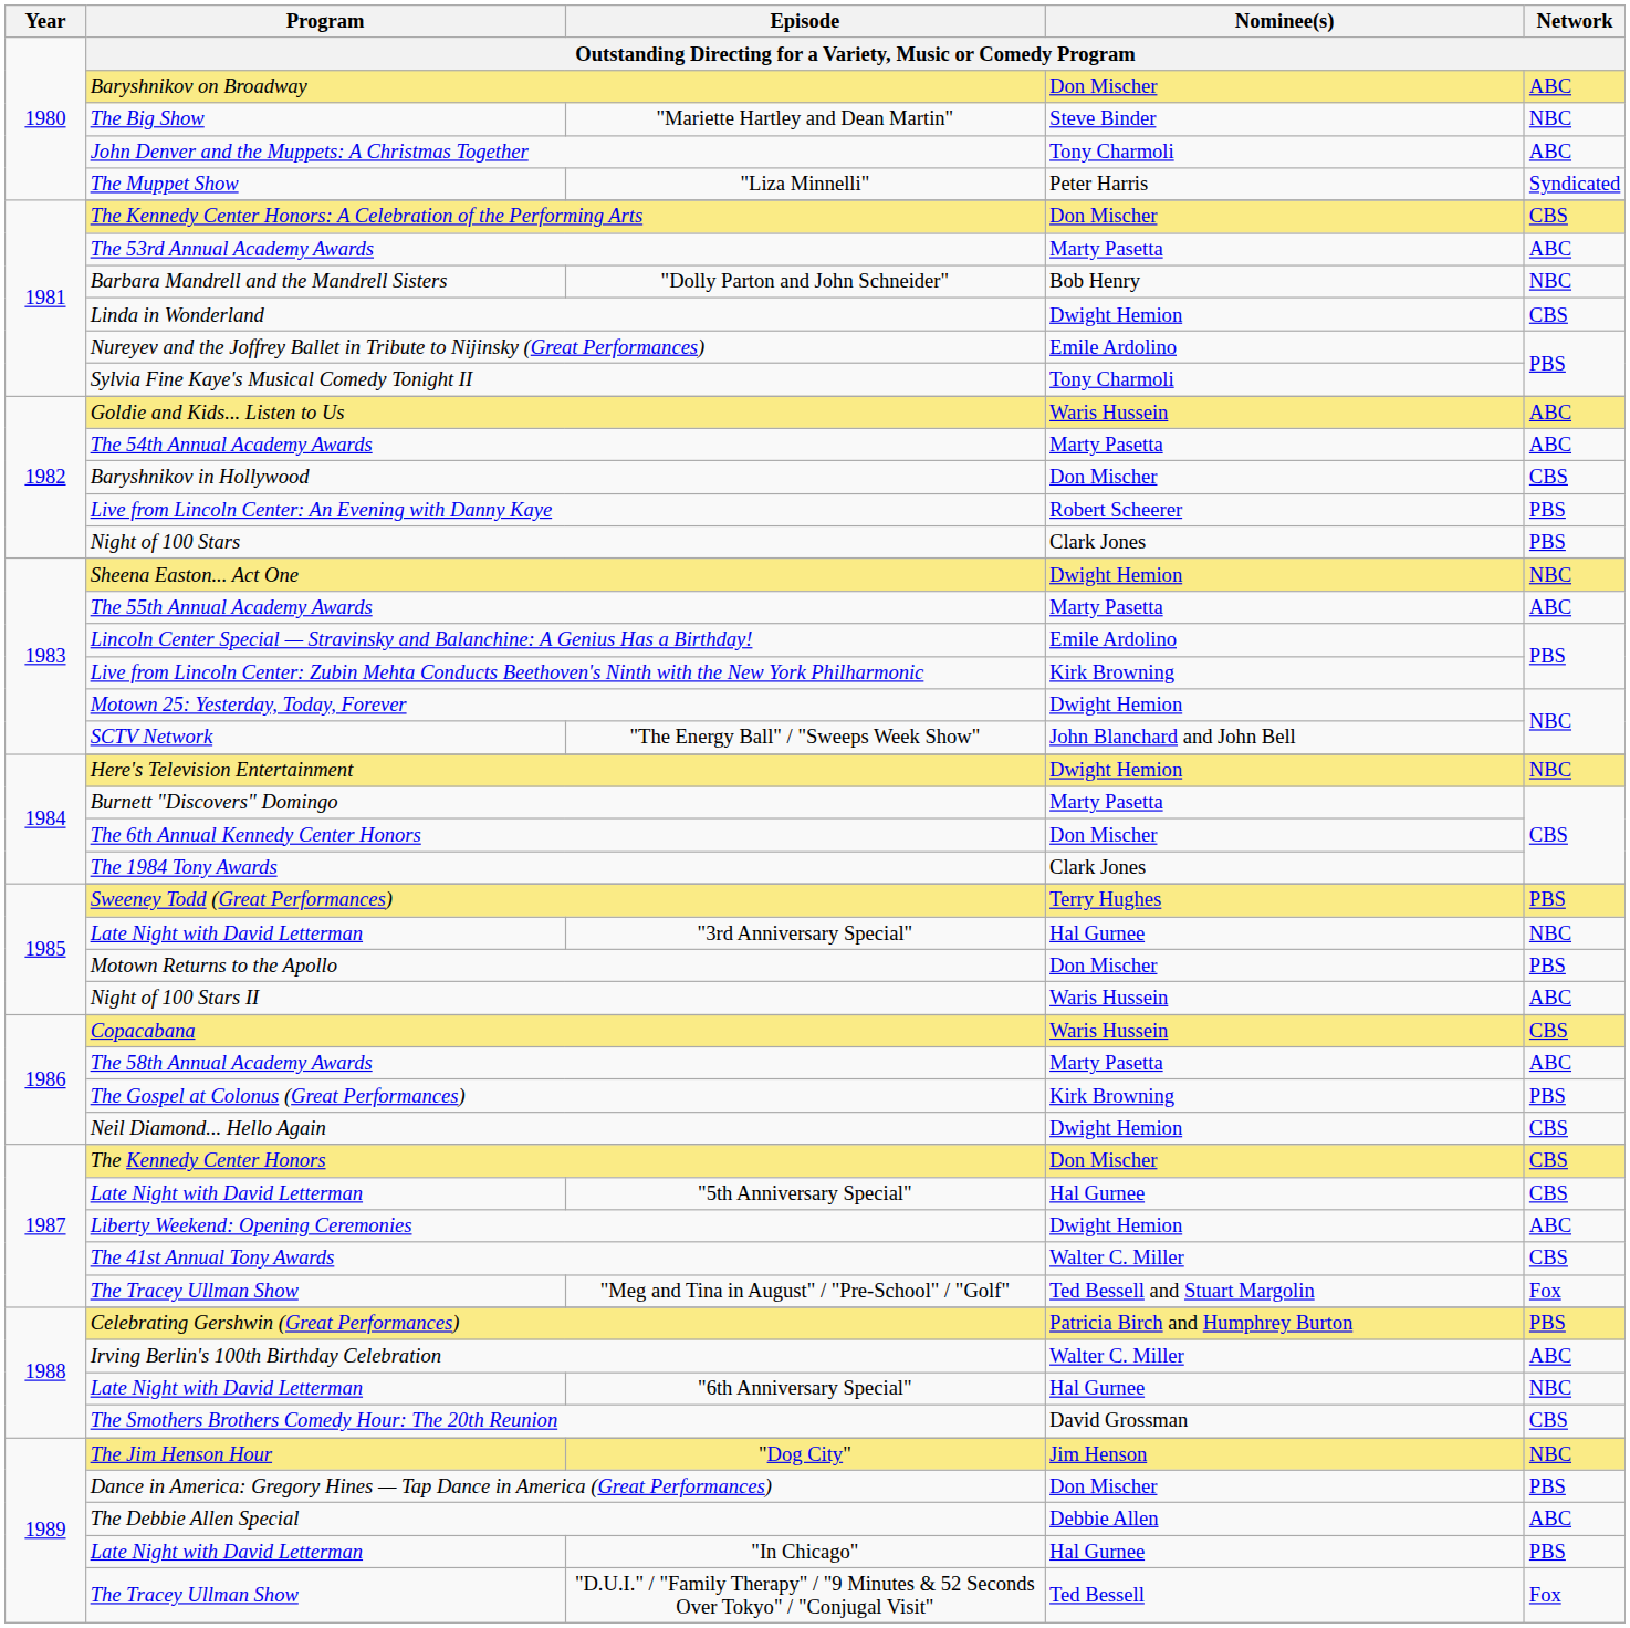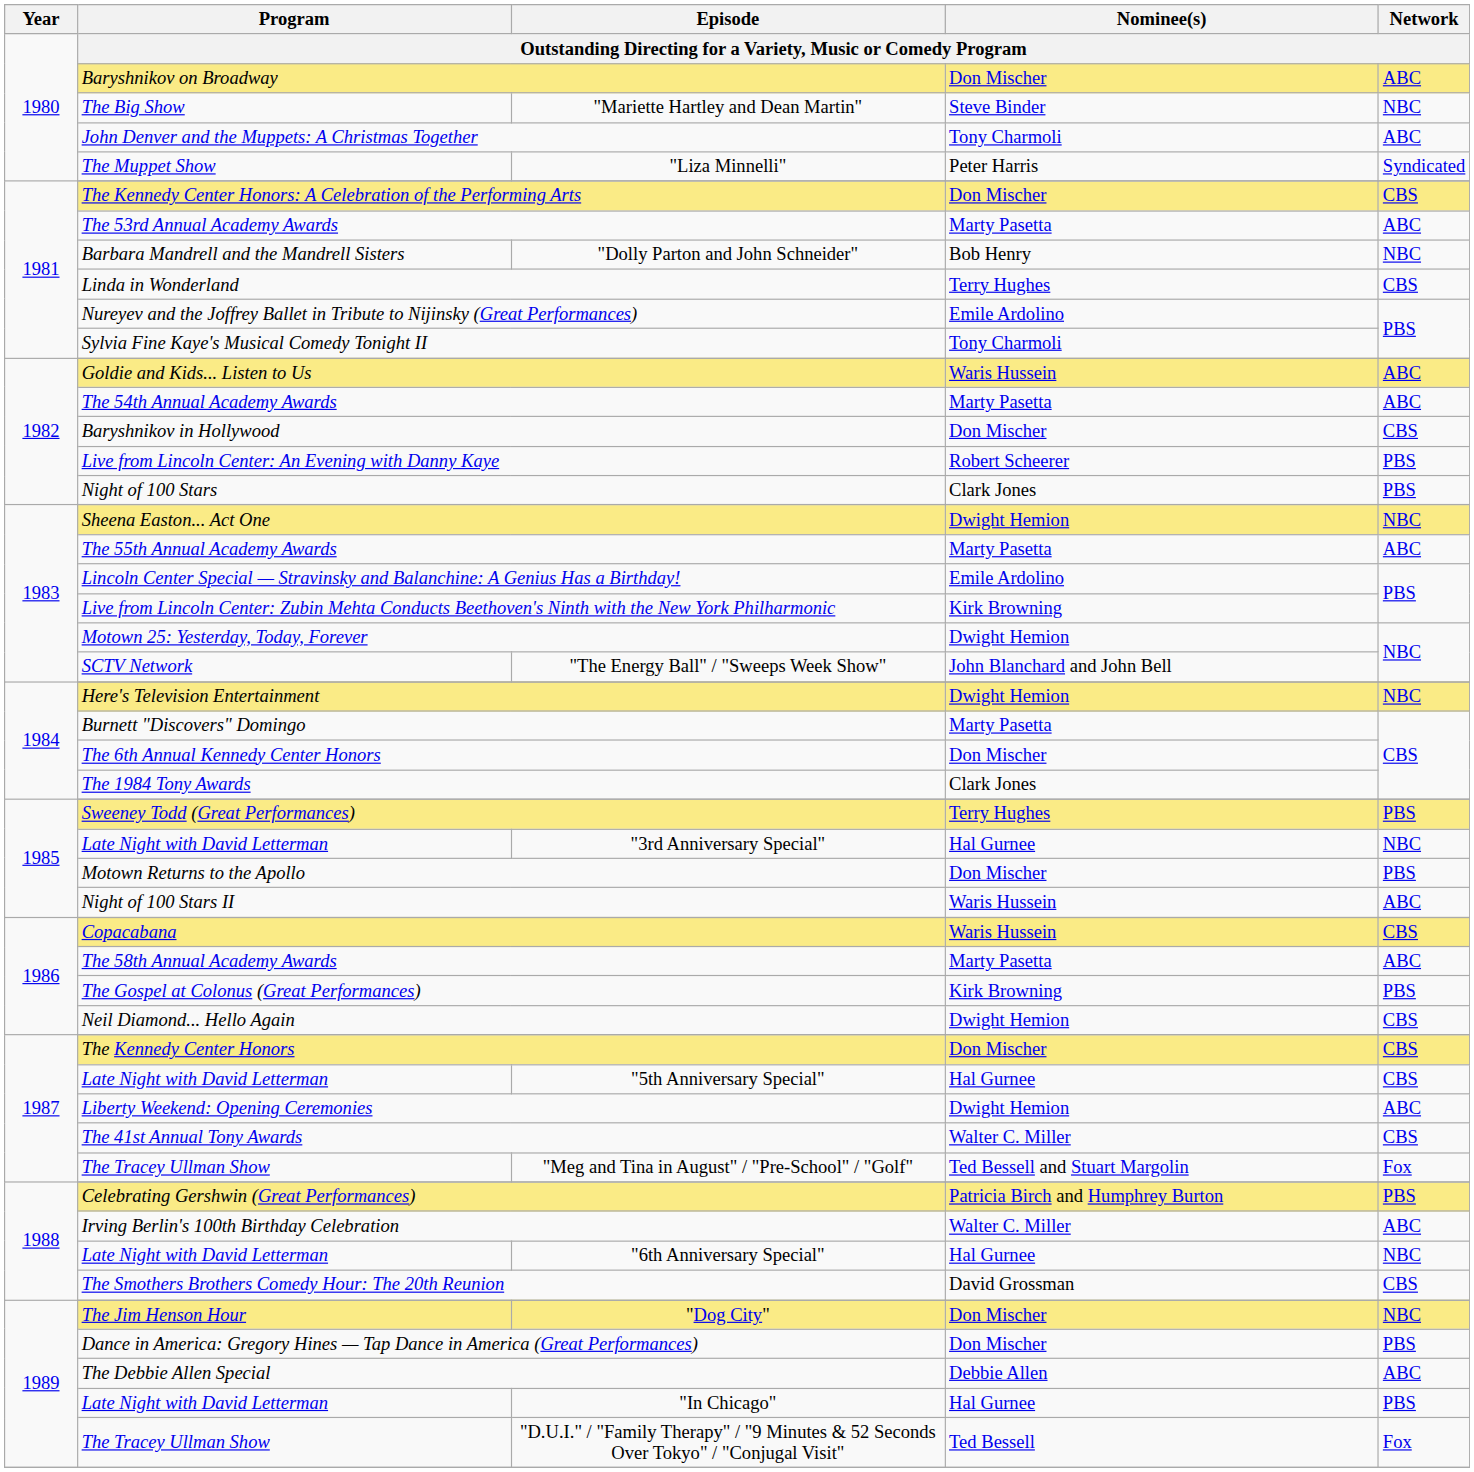 <table class="wikitable" style="width:100%">
 <tr bgcolor="#bebebe">
 <th width="5%">Year</th>
 <th width="30%">Program</th>
 <th width="30%">Episode</th>
 <th width="30%">Nominee(s)</th>
 <th width="5%">Network</th>
 </tr>
 <tr>
 <td rowspan="5" style="text-align:center;"><a href='#'>1980</a><br></td>
 <th colspan="4">Outstanding Directing for a Variety, Music or Comedy Program</th>
 </tr>
 <tr style="background:#FAEB86;">
 <td colspan=2><em>Baryshnikov on Broadway</em></td>
 <td><a href='#'>Don Mischer</a></td>
 <td><a href='#'>ABC</a></td>
 </tr>
 <tr>
 <td><em><a href='#'>The Big Show</a></em></td>
 <td align=center>"Mariette Hartley and Dean Martin"</td>
 <td><a href='#'>Steve Binder</a></td>
 <td><a href='#'>NBC</a></td>
 </tr>
 <tr>
 <td colspan=2><em><a href='#'>John Denver and the Muppets: A Christmas Together</a></em></td>
 <td><a href='#'>Tony Charmoli</a></td>
 <td><a href='#'>ABC</a></td>
 </tr>
 <tr>
 <td><em><a href='#'>The Muppet Show</a></em></td>
 <td align=center>"Liza Minnelli"</td>
 <td>Peter Harris</td>
 <td><a href='#'>Syndicated</a></td>
 </tr>
 <tr>
 <td rowspan="7" style="text-align:center;"><a href='#'>1981</a><br></td>
 </tr>
 <tr style="background:#FAEB86;">
 <td colspan=2><em><a href='#'>The Kennedy Center Honors: A Celebration of the Performing Arts</a></em></td>
 <td><a href='#'>Don Mischer</a></td>
 <td><a href='#'>CBS</a></td>
 </tr>
 <tr>
 <td colspan=2><em><a href='#'>The 53rd Annual Academy Awards</a></em></td>
 <td><a href='#'>Marty Pasetta</a></td>
 <td><a href='#'>ABC</a></td>
 </tr>
 <tr>
 <td><em>Barbara Mandrell and the Mandrell Sisters</em></td>
 <td align=center>"Dolly Parton and John Schneider"</td>
 <td>Bob Henry</td>
 <td><a href='#'>NBC</a></td>
 </tr>
 <tr>
 <td colspan=2><em>Linda in Wonderland</em></td>
-<td><a href='#'>Dwight Hemion</a></td>
+<td><a href='#'>Terry Hughes</a></td>
 <td><a href='#'>CBS</a></td>
 </tr>
 <tr>
 <td colspan=2><em>Nureyev and the Joffrey Ballet in Tribute to Nijinsky (<a href='#'>Great Performances</a>)</em></td>
 <td><a href='#'>Emile Ardolino</a></td>
 <td rowspan=2><a href='#'>PBS</a></td>
 </tr>
 <tr>
 <td colspan=2><em>Sylvia Fine Kaye's Musical Comedy Tonight II</em></td>
 <td><a href='#'>Tony Charmoli</a></td>
 </tr>
 <tr>
 <td rowspan="6" style="text-align:center;"><a href='#'>1982</a><br></td>
 </tr>
 <tr style="background:#FAEB86;">
 <td colspan=2><em>Goldie and Kids... Listen to Us</em></td>
 <td><a href='#'>Waris Hussein</a></td>
 <td><a href='#'>ABC</a></td>
 </tr>
 <tr>
 <td colspan=2><em><a href='#'>The 54th Annual Academy Awards</a></em></td>
 <td><a href='#'>Marty Pasetta</a></td>
 <td><a href='#'>ABC</a></td>
 </tr>
 <tr>
 <td colspan=2><em>Baryshnikov in Hollywood</em></td>
 <td><a href='#'>Don Mischer</a></td>
 <td><a href='#'>CBS</a></td>
 </tr>
 <tr>
 <td colspan=2><em><a href='#'>Live from Lincoln Center: An Evening with Danny Kaye</a></em></td>
 <td><a href='#'>Robert Scheerer</a></td>
 <td><a href='#'>PBS</a></td>
 </tr>
 <tr>
 <td colspan=2><em>Night of 100 Stars</em></td>
 <td>Clark Jones</td>
 <td><a href='#'>PBS</a></td>
 </tr>
 <tr>
 <td rowspan="7" style="text-align:center;"><a href='#'>1983</a><br></td>
 </tr>
 <tr style="background:#FAEB86;">
 <td colspan=2><em>Sheena Easton... Act One</em></td>
 <td><a href='#'>Dwight Hemion</a></td>
 <td><a href='#'>NBC</a></td>
 </tr>
 <tr>
 <td colspan=2><em><a href='#'>The 55th Annual Academy Awards</a></em></td>
 <td><a href='#'>Marty Pasetta</a></td>
 <td><a href='#'>ABC</a></td>
 </tr>
 <tr>
 <td colspan=2><em><a href='#'>Lincoln Center Special — Stravinsky and Balanchine: A Genius Has a Birthday!</a></em></td>
 <td><a href='#'>Emile Ardolino</a></td>
 <td rowspan=2><a href='#'>PBS</a></td>
 </tr>
 <tr>
 <td colspan=2><em><a href='#'>Live from Lincoln Center: Zubin Mehta Conducts Beethoven's Ninth with the New York Philharmonic</a></em></td>
 <td><a href='#'>Kirk Browning</a></td>
 </tr>
 <tr>
 <td colspan=2><em><a href='#'>Motown 25: Yesterday, Today, Forever</a></em></td>
 <td><a href='#'>Dwight Hemion</a></td>
 <td rowspan=2><a href='#'>NBC</a></td>
 </tr>
 <tr>
 <td><em><a href='#'>SCTV Network</a></em></td>
 <td align=center>"The Energy Ball" / "Sweeps Week Show"</td>
 <td><a href='#'>John Blanchard</a> and John Bell</td>
 </tr>
 <tr>
 <td rowspan="5" style="text-align:center;"><a href='#'>1984</a><br></td>
 </tr>
 <tr style="background:#FAEB86;">
 <td colspan=2><em>Here's Television Entertainment</em></td>
 <td><a href='#'>Dwight Hemion</a></td>
 <td><a href='#'>NBC</a></td>
 </tr>
 <tr>
 <td colspan=2><em>Burnett "Discovers" Domingo</em></td>
 <td><a href='#'>Marty Pasetta</a></td>
 <td rowspan=3><a href='#'>CBS</a></td>
 </tr>
 <tr>
 <td colspan=2><em><a href='#'>The 6th Annual Kennedy Center Honors</a></em></td>
 <td><a href='#'>Don Mischer</a></td>
 </tr>
 <tr>
 <td colspan=2><em><a href='#'>The 1984 Tony Awards</a></em></td>
 <td>Clark Jones</td>
 </tr>
 <tr>
 <td rowspan="5" style="text-align:center;"><a href='#'>1985</a><br></td>
 </tr>
 <tr style="background:#FAEB86;">
 <td colspan=2><em><a href='#'>Sweeney Todd</a> (<a href='#'>Great Performances</a>)</em></td>
 <td><a href='#'>Terry Hughes</a></td>
 <td><a href='#'>PBS</a></td>
 </tr>
 <tr>
 <td><em><a href='#'>Late Night with David Letterman</a></em></td>
 <td align=center>"3rd Anniversary Special"</td>
 <td><a href='#'>Hal Gurnee</a></td>
 <td><a href='#'>NBC</a></td>
 </tr>
 <tr>
 <td colspan=2><em>Motown Returns to the Apollo</em></td>
 <td><a href='#'>Don Mischer</a></td>
 <td><a href='#'>PBS</a></td>
 </tr>
 <tr>
 <td colspan=2><em>Night of 100 Stars II</em></td>
 <td><a href='#'>Waris Hussein</a></td>
 <td><a href='#'>ABC</a></td>
 </tr>
 <tr>
 <td rowspan="5" style="text-align:center;"><a href='#'>1986</a><br></td>
 </tr>
 <tr style="background:#FAEB86;">
 <td colspan=2><em><a href='#'>Copacabana</a></em></td>
 <td><a href='#'>Waris Hussein</a></td>
 <td><a href='#'>CBS</a></td>
 </tr>
 <tr>
 <td colspan=2><em><a href='#'>The 58th Annual Academy Awards</a></em></td>
 <td><a href='#'>Marty Pasetta</a></td>
 <td><a href='#'>ABC</a></td>
 </tr>
 <tr>
 <td colspan=2><em><a href='#'>The Gospel at Colonus</a> (<a href='#'>Great Performances</a>)</em></td>
 <td><a href='#'>Kirk Browning</a></td>
 <td><a href='#'>PBS</a></td>
 </tr>
 <tr>
 <td colspan=2><em>Neil Diamond... Hello Again</em></td>
 <td><a href='#'>Dwight Hemion</a></td>
 <td><a href='#'>CBS</a></td>
 </tr>
 <tr>
 <td rowspan="6" style="text-align:center;"><a href='#'>1987</a><br></td>
 </tr>
 <tr style="background:#FAEB86;">
 <td colspan=2><em>The <a href='#'>Kennedy Center Honors</a></em></td>
 <td><a href='#'>Don Mischer</a></td>
 <td><a href='#'>CBS</a></td>
 </tr>
 <tr>
 <td><em><a href='#'>Late Night with David Letterman</a></em></td>
 <td align=center>"5th Anniversary Special"</td>
 <td><a href='#'>Hal Gurnee</a></td>
 <td><a href='#'>CBS</a></td>
 </tr>
 <tr>
 <td colspan=2><em><a href='#'>Liberty Weekend: Opening Ceremonies</a></em></td>
 <td><a href='#'>Dwight Hemion</a></td>
 <td><a href='#'>ABC</a></td>
 </tr>
 <tr>
 <td colspan=2><em><a href='#'>The 41st Annual Tony Awards</a></em></td>
 <td><a href='#'>Walter C. Miller</a></td>
 <td><a href='#'>CBS</a></td>
 </tr>
 <tr>
 <td><em><a href='#'>The Tracey Ullman Show</a></em></td>
 <td align=center>"Meg and Tina in August" / "Pre-School" / "Golf"</td>
 <td><a href='#'>Ted Bessell</a> and <a href='#'>Stuart Margolin</a></td>
 <td><a href='#'>Fox</a></td>
 </tr>
 <tr>
 <td rowspan="5" style="text-align:center;"><a href='#'>1988</a><br></td>
 </tr>
 <tr style="background:#FAEB86;">
 <td colspan=2><em>Celebrating Gershwin (<a href='#'>Great Performances</a>)</em></td>
 <td><a href='#'>Patricia Birch</a> and <a href='#'>Humphrey Burton</a></td>
 <td><a href='#'>PBS</a></td>
 </tr>
 <tr>
 <td colspan=2><em>Irving Berlin's 100th Birthday Celebration</em></td>
 <td><a href='#'>Walter C. Miller</a></td>
 <td><a href='#'>ABC</a></td>
 </tr>
 <tr>
 <td><em><a href='#'>Late Night with David Letterman</a></em></td>
 <td align=center>"6th Anniversary Special"</td>
 <td><a href='#'>Hal Gurnee</a></td>
 <td><a href='#'>NBC</a></td>
 </tr>
 <tr>
 <td colspan=2><em><a href='#'>The Smothers Brothers Comedy Hour: The 20th Reunion</a></em></td>
 <td>David Grossman</td>
 <td><a href='#'>CBS</a></td>
 </tr>
 <tr>
 <td rowspan="6" style="text-align:center;"><a href='#'>1989</a><br></td>
 </tr>
 <tr style="background:#FAEB86;">
 <td><em><a href='#'>The Jim Henson Hour</a></em></td>
 <td align=center>"<a href='#'>Dog City</a>"</td>
-<td><a href='#'>Jim Henson</a></td>
+<td><a href='#'>Don Mischer</a></td>
 <td><a href='#'>NBC</a></td>
 </tr>
 <tr>
 <td colspan=2><em>Dance in America: Gregory Hines — Tap Dance in America (<a href='#'>Great Performances</a>)</em></td>
 <td><a href='#'>Don Mischer</a></td>
 <td><a href='#'>PBS</a></td>
 </tr>
 <tr>
 <td colspan=2><em>The Debbie Allen Special</em></td>
 <td><a href='#'>Debbie Allen</a></td>
 <td><a href='#'>ABC</a></td>
 </tr>
 <tr>
 <td><em><a href='#'>Late Night with David Letterman</a></em></td>
 <td align=center>"In Chicago"</td>
 <td><a href='#'>Hal Gurnee</a></td>
 <td><a href='#'>PBS</a></td>
 </tr>
 <tr>
 <td><em><a href='#'>The Tracey Ullman Show</a></em></td>
 <td align=center>"D.U.I." / "Family Therapy" / "9 Minutes & 52 Seconds Over Tokyo" / "Conjugal Visit"</td>
 <td><a href='#'>Ted Bessell</a></td>
 <td><a href='#'>Fox</a></td>
 </tr>
 <tr>
 </tr>
 </table>
